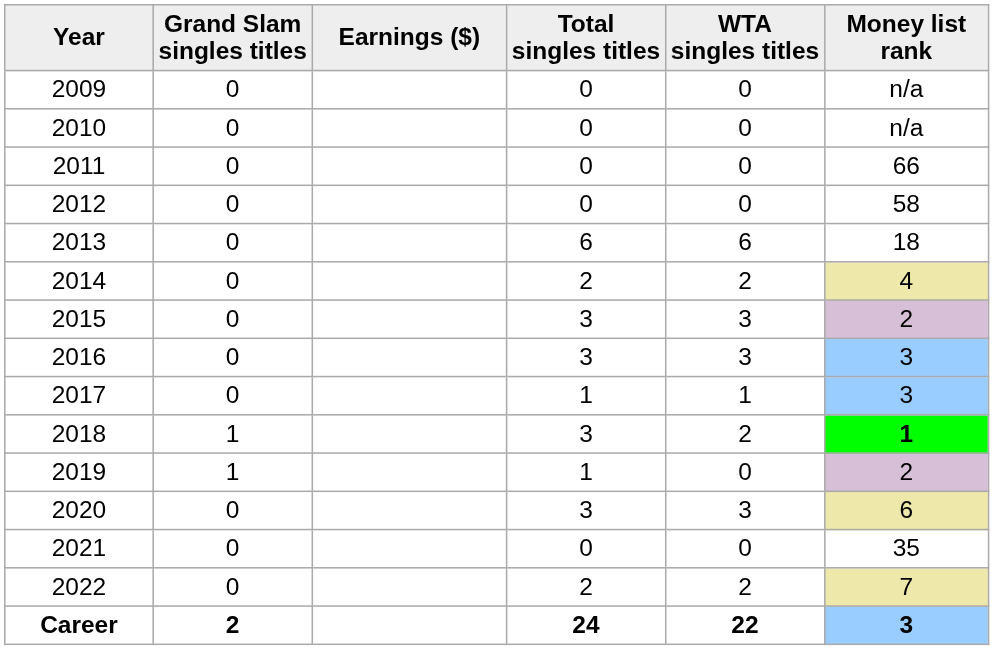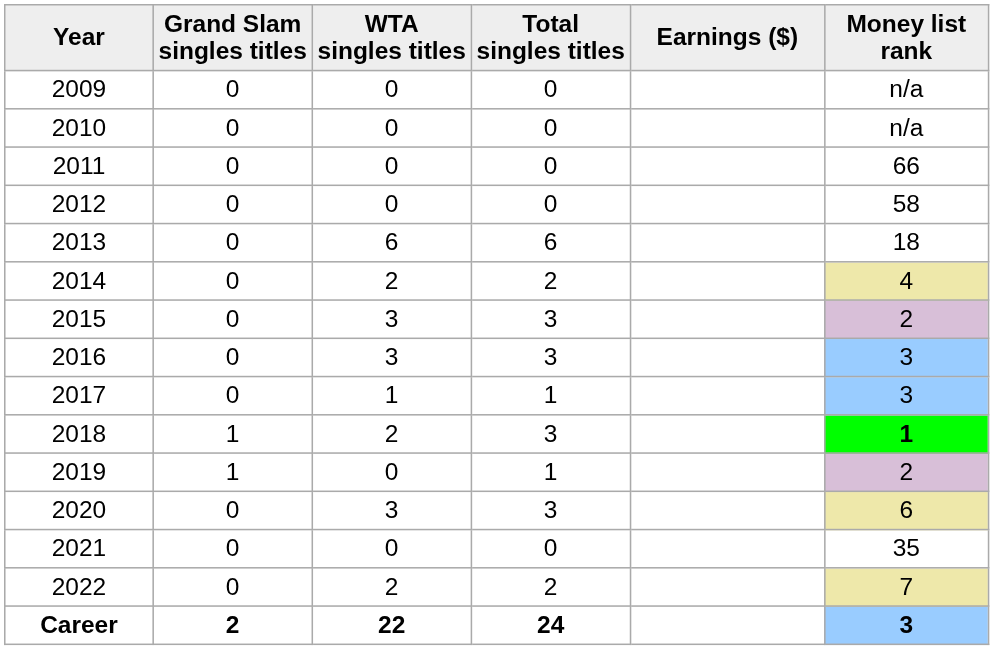 <table cellpadding=3 cellspacing=0 border=1 style=border:#aaa;solid:1px;border-collapse:collapse;text-align:center>
 <tr style="background:#eee;">
 <td width="90"><strong>Year</strong></td>
 <td><strong>Grand Slam<br>singles titles</strong></td>
+<td><strong>WTA <br>singles titles</strong></td>
+<td><strong>Total<br>singles titles</strong></td>
 <td width="120"><strong>Earnings ($)</strong></td>
-<td><strong>Total<br>singles titles</strong></td>
-<td><strong>WTA <br>singles titles</strong></td>
 <td width="100"><strong>Money list rank</strong></td>
 </tr>
 <tr>
 <td>2009</td>
 <td>0</td>
-<td align="right"></td>
 <td>0</td>
 <td>0</td>
+<td align="right"></td>
 <td>n/a</td>
 </tr>
 <tr>
 <td>2010</td>
 <td>0</td>
-<td align="right"></td>
 <td>0</td>
 <td>0</td>
+<td align="right"></td>
 <td>n/a</td>
 </tr>
 <tr>
 <td>2011</td>
 <td>0</td>
-<td align="right"></td>
 <td>0</td>
 <td>0</td>
+<td align="right"></td>
 <td>66</td>
 </tr>
 <tr>
 <td>2012</td>
 <td>0</td>
-<td align="right"></td>
 <td>0</td>
 <td>0</td>
+<td align="right"></td>
 <td>58</td>
 </tr>
 <tr>
 <td>2013</td>
 <td>0</td>
-<td align="right"></td>
 <td>6</td>
 <td>6</td>
+<td align="right"></td>
 <td>18</td>
 </tr>
 <tr>
 <td>2014</td>
 <td>0</td>
-<td align="right"></td>
 <td>2</td>
 <td>2</td>
+<td align="right"></td>
 <td bgcolor="eee8aa">4</td>
 </tr>
 <tr>
 <td>2015</td>
 <td>0</td>
-<td align="right"></td>
 <td>3</td>
 <td>3</td>
+<td align="right"></td>
 <td bgcolor="thistle">2</td>
 </tr>
 <tr>
 <td>2016</td>
 <td>0</td>
-<td align="right"></td>
 <td>3</td>
 <td>3</td>
+<td align="right"></td>
 <td bgcolor="99ccff">3</td>
 </tr>
 <tr>
 <td>2017</td>
 <td>0</td>
-<td align="right"></td>
 <td>1</td>
 <td>1</td>
+<td align="right"></td>
 <td bgcolor="99ccff">3</td>
 </tr>
 <tr>
 <td>2018</td>
 <td>1</td>
+<td>2</td>
+<td>3</td>
 <td align="right"></td>
-<td>3</td>
-<td>2</td>
 <td bgcolor="lime"><strong>1</strong></td>
 </tr>
 <tr>
 <td>2019</td>
 <td>1</td>
+<td>0</td>
+<td>1</td>
 <td align="right"></td>
-<td>1</td>
-<td>0</td>
 <td bgcolor="thistle">2</td>
 </tr>
 <tr>
 <td>2020</td>
 <td>0</td>
-<td align="right"></td>
 <td>3</td>
 <td>3</td>
+<td align="right"></td>
 <td bgcolor="eee8aa">6</td>
 </tr>
 <tr>
 <td>2021</td>
 <td>0</td>
-<td align="right"></td>
 <td>0</td>
 <td>0</td>
+<td align="right"></td>
 <td>35</td>
 </tr>
 <tr>
 <td>2022</td>
 <td>0</td>
-<td align=right></td>
 <td>2</td>
 <td>2</td>
+<td align=right></td>
 <td bgcolor=eee8aa>7</td>
 </tr>
 <tr style="font-weight:bold;">
 <td>Career</td>
 <td>2</td>
+<td>22</td>
+<td>24</td>
 <td align="right"></td>
-<td>24</td>
-<td>22</td>
 <td bgcolor="#9cf">3</td>
 </tr>
 </table>
